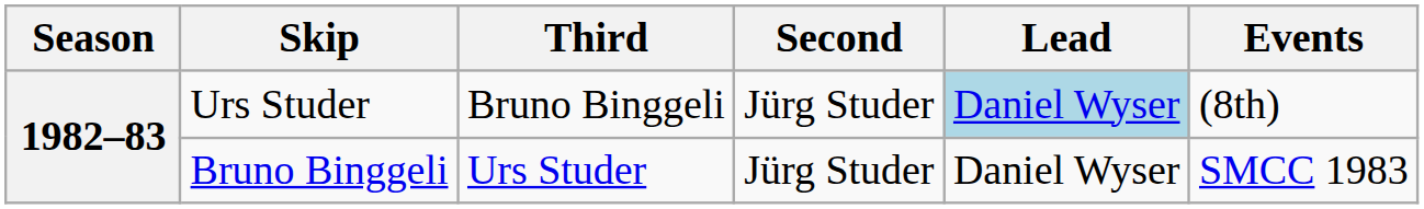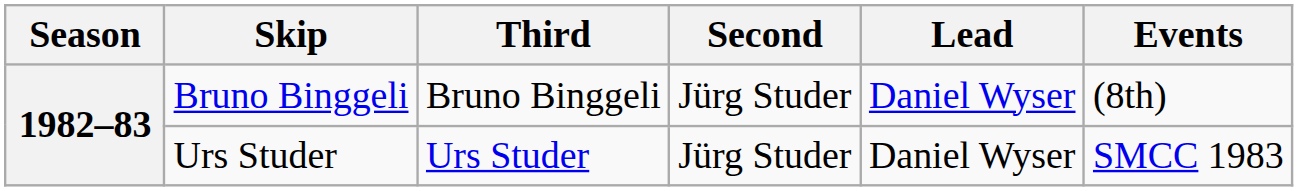 <table class="wikitable">
 <tr>
 <th scope="col" width=60>Season</th>
 <th scope="col">Skip</th>
 <th scope="col">Third</th>
 <th scope="col">Second</th>
 <th scope="col">Lead</th>
 <th scope="col">Events</th>
 </tr>
 <tr>
 <th scope="row" rowspan="2">1982–83</th>
-<td>Urs Studer</td>
+<td><a href='#'>Bruno Binggeli</a></td>
 <td>Bruno Binggeli</td>
 <td>Jürg Studer</td>
-<td style="background: lightblue;"><a href='#'>Daniel Wyser</a></td>
+<td><a href='#'>Daniel Wyser</a></td>
 <td> (8th)</td>
 </tr>
 <tr>
-<td><a href='#'>Bruno Binggeli</a></td>
+<td>Urs Studer</td>
 <td><a href='#'>Urs Studer</a></td>
 <td>Jürg Studer</td>
 <td>Daniel Wyser</td>
 <td><a href='#'>SMCC</a> 1983 </td>
 </tr>
 </table>
